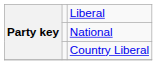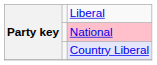 <table class=wikitable>
 <tr>
 <th rowspan=3>Party key</th>
 <td bgcolor=></td>
 <td><a href='#'>Liberal</a></td>
 </tr>
 <tr>
 <td bgcolor=></td>
-<td><a href='#'>National</a></td>
+<td style="background: pink;"><a href='#'>National</a></td>
 </tr>
 <tr>
 <td bgcolor=></td>
-<td><a href='#'>Country Liberal</a></td>
+<td style="background: lavender;"><a href='#'>Country Liberal</a></td>
 </tr>
 <tr>
 </tr>
 </table>
